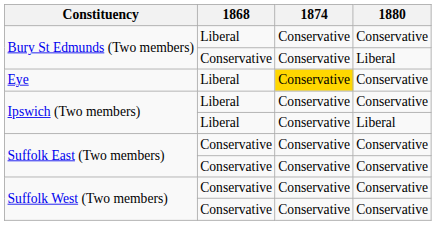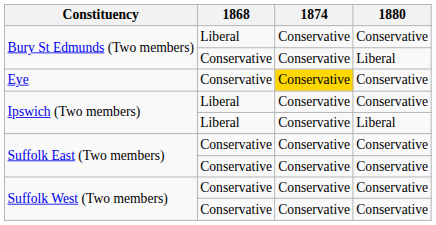 <table class="wikitable">
 <tr>
 <th>Constituency</th>
 <th>1868</th>
 <th>1874</th>
 <th>1880</th>
 </tr>
 <tr>
 <td rowspan="2"><a href='#'>Bury St Edmunds</a> (Two members)</td>
 <td>Liberal</td>
 <td>Conservative</td>
 <td>Conservative</td>
 </tr>
 <tr>
 <td>Conservative</td>
 <td>Conservative</td>
 <td>Liberal</td>
 </tr>
 <tr>
 <td><a href='#'>Eye</a></td>
-<td>Liberal</td>
+<td>Conservative</td>
 <td style="background: gold;">Conservative</td>
 <td>Conservative</td>
 </tr>
 <tr>
 <td rowspan="2"><a href='#'>Ipswich</a> (Two members)</td>
 <td>Liberal</td>
 <td>Conservative</td>
 <td>Conservative</td>
 </tr>
 <tr>
 <td>Liberal</td>
 <td>Conservative</td>
 <td>Liberal</td>
 </tr>
 <tr>
 <td rowspan="2"><a href='#'>Suffolk East</a> (Two members)</td>
 <td>Conservative</td>
 <td>Conservative</td>
 <td>Conservative</td>
 </tr>
 <tr>
 <td>Conservative</td>
 <td>Conservative</td>
 <td>Conservative</td>
 </tr>
 <tr>
 <td rowspan="2"><a href='#'>Suffolk West</a> (Two members)</td>
 <td>Conservative</td>
 <td>Conservative</td>
 <td>Conservative</td>
 </tr>
 <tr>
 <td>Conservative</td>
 <td>Conservative</td>
 <td>Conservative</td>
 </tr>
 </table>
